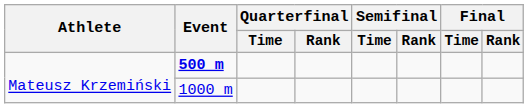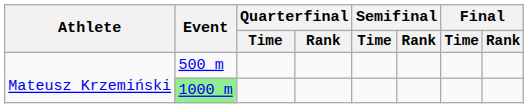 <table class="wikitable" style="font-size:90%">
 <tr>
 <th rowspan=2>Athlete</th>
 <th rowspan=2>Event</th>
 <th colspan=2>Quarterfinal</th>
 <th colspan=2>Semifinal</th>
 <th colspan=2>Final</th>
 </tr>
 <tr style="font-size:95%">
 <th>Time</th>
 <th>Rank</th>
 <th>Time</th>
 <th>Rank</th>
 <th>Time</th>
 <th>Rank</th>
 </tr>
 <tr align=center>
 <td align=left rowspan=2><br><a href='#'>Mateusz Krzemiński</a></td>
-<td align=left><strong><a href='#'>500 m</a></strong></td>
+<td align=left><a href='#'>500 m</a></td>
 <td></td>
 <td></td>
 <td></td>
 <td></td>
 <td></td>
 <td></td>
 </tr>
 <tr align=center>
-<td align=left><a href='#'>1000 m</a></td>
+<td align=left style="background: lightgreen;"><a href='#'>1000 m</a></td>
 <td></td>
 <td></td>
 <td></td>
 <td></td>
 <td></td>
 <td></td>
 </tr>
 </table>
